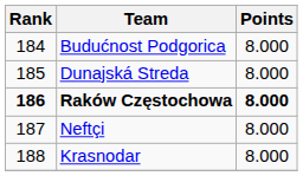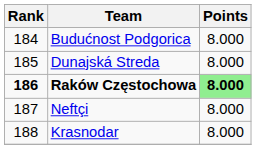 <table class="wikitable" style="text-align: center;">
 <tr>
 <th>Rank</th>
 <th>Team</th>
 <th>Points</th>
 </tr>
 <tr>
 <td>184</td>
 <td align="left"> <a href='#'>Budućnost Podgorica</a></td>
 <td>8.000</td>
 </tr>
 <tr>
 <td>185</td>
 <td align="left"> <a href='#'>Dunajská Streda</a></td>
 <td>8.000</td>
 </tr>
 <tr>
 <td><strong>186</strong></td>
 <td align=left> <strong>Raków Częstochowa</strong></td>
-<td><strong>8.000</strong></td>
+<td style="background: lightgreen;"><strong>8.000</strong></td>
 </tr>
 <tr>
 <td>187</td>
 <td align="left"> <a href='#'>Neftçi</a></td>
 <td>8.000</td>
 </tr>
 <tr>
 <td>188</td>
 <td align="left"> <a href='#'>Krasnodar</a></td>
 <td>8.000</td>
 </tr>
 <tr>
 </tr>
 </table>
